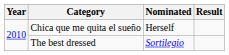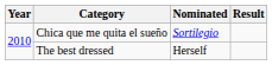 <table class="wikitable">
 <tr style="background:#b0c4de;">
 <th>Year</th>
 <th>Category</th>
 <th>Nominated</th>
 <th>Result</th>
 </tr>
 <tr>
 <td rowspan=2><a href='#'>2010</a></td>
 <td>Chica que me quita el sueño</td>
-<td>Herself</td>
+<td><em><a href='#'>Sortilegio</a></em></td>
 <td></td>
 </tr>
 <tr>
 <td>The best dressed</td>
-<td><em><a href='#'>Sortilegio</a></em></td>
+<td>Herself</td>
 <td></td>
 </tr>
 </table>
